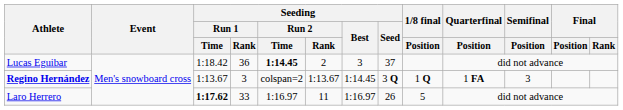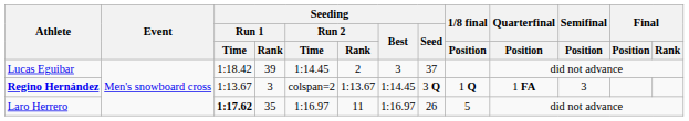 <table class=wikitable style=font-size:90%>
 <tr>
 <th rowspan=3>Athlete</th>
 <th rowspan=3>Event</th>
 <th colspan=6>Seeding</th>
 <th rowspan=2>1/8 final</th>
 <th rowspan=2>Quarterfinal</th>
 <th rowspan=2>Semifinal</th>
 <th rowspan=2 colspan=2>Final</th>
 </tr>
 <tr style=font-size:95%>
 <th colspan=2>Run 1</th>
 <th colspan=2>Run 2</th>
 <th rowspan=2>Best</th>
 <th rowspan=2>Seed</th>
 </tr>
 <tr style=font-size:95%>
 <th>Time</th>
 <th>Rank</th>
 <th>Time</th>
 <th>Rank</th>
 <th>Position</th>
 <th>Position</th>
 <th>Position</th>
 <th>Position</th>
 <th>Rank</th>
 </tr>
 <tr align=center>
 <td align=left><a href='#'>Lucas Eguibar</a></td>
 <td align=left rowspan=3><a href='#'>Men's snowboard cross</a></td>
 <td>1:18.42</td>
-<td>36</td>
-<td><strong>1:14.45</strong></td>
+<td>39</td>
+<td>1:14.45</td>
 <td>2</td>
 <td>3</td>
 <td>37</td>
 <td></td>
 <td colspan=4>did not advance</td>
 </tr>
 <tr align=center>
 <td align=left><strong><a href='#'>Regino Hernández</a></strong></td>
 <td>1:13.67</td>
 <td>3</td>
 <td>colspan=2 </td>
 <td>1:13.67</td>
 <td>1:14.45</td>
 <td>3 <strong>Q</strong></td>
 <td>1 <strong>Q</strong></td>
 <td>1 <strong>FA</strong></td>
 <td>3</td>
 <td></td>
 </tr>
 <tr align=center>
 <td align=left><a href='#'>Laro Herrero</a></td>
 <td><strong>1:17.62</strong></td>
-<td>33</td>
+<td>35</td>
 <td>1:16.97</td>
 <td>11</td>
 <td>1:16.97</td>
 <td>26</td>
 <td>5</td>
 <td colspan=4>did not advance</td>
 </tr>
 </table>
